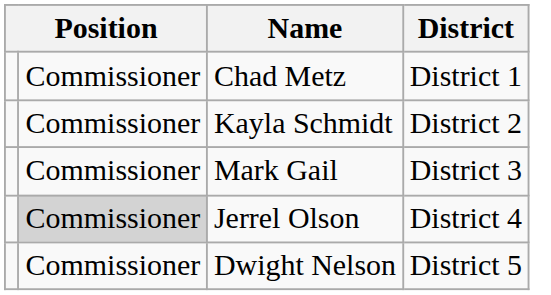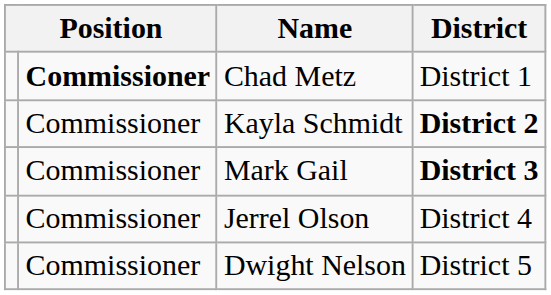 <table class="wikitable">
 <tr>
 <th colspan="2">Position</th>
 <th>Name</th>
 <th>District</th>
 </tr>
 <tr>
 <td></td>
-<td>Commissioner</td>
+<td><strong>Commissioner</strong></td>
 <td>Chad Metz</td>
 <td>District 1</td>
 </tr>
 <tr>
 <td></td>
 <td>Commissioner</td>
 <td>Kayla Schmidt</td>
-<td>District 2</td>
+<td><strong>District 2</strong></td>
 </tr>
 <tr>
 <td></td>
 <td>Commissioner</td>
 <td>Mark Gail</td>
-<td>District 3</td>
+<td><strong>District 3</strong></td>
 </tr>
 <tr>
 <td></td>
-<td style="background: lightgrey;">Commissioner</td>
+<td>Commissioner</td>
 <td>Jerrel Olson</td>
 <td>District 4</td>
 </tr>
 <tr>
 <td></td>
 <td>Commissioner</td>
 <td>Dwight Nelson</td>
 <td>District 5</td>
 </tr>
 </table>
